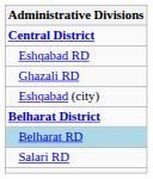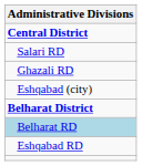 <table class="wikitable">
 <tr>
 <th>Administrative Divisions</th>
 </tr>
 <tr>
 <td><strong><a href='#'>Central District</a></strong></td>
 </tr>
 <tr>
-<td style="padding-left: 1em;"><a href='#'>Eshqabad RD</a></td>
+<td style="padding-left: 1em;"><a href='#'>Salari RD</a></td>
 </tr>
 <tr>
 <td style="padding-left: 1em;"><a href='#'>Ghazali RD</a></td>
 </tr>
 <tr>
 <td style="padding-left: 1em;"><a href='#'>Eshqabad</a> (city)</td>
 </tr>
 <tr>
 <td><strong><a href='#'>Belharat District</a></strong></td>
 </tr>
 <tr>
 <td style="background: lightblue; padding-left: 1em;"><a href='#'>Belharat RD</a></td>
 </tr>
 <tr>
-<td style="padding-left: 1em;"><a href='#'>Salari RD</a></td>
+<td style="padding-left: 1em;"><a href='#'>Eshqabad RD</a></td>
 </tr>
 <tr>
 <td colspan=1></td>
 </tr>
 </table>
